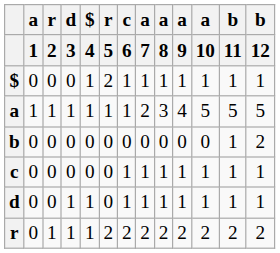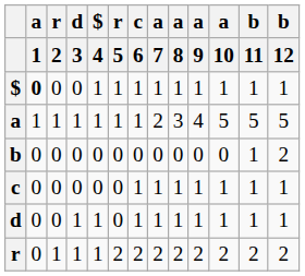 <table class="wikitable floatright" style="text-align:center">
 <tr>
 <th></th>
 <th>a</th>
 <th>r</th>
 <th>d</th>
 <th>$</th>
 <th>r</th>
 <th>c</th>
 <th>a</th>
 <th>a</th>
 <th>a</th>
 <th>a</th>
 <th>b</th>
 <th>b</th>
 </tr>
 <tr>
 <th></th>
 <th>1</th>
 <th>2</th>
 <th>3</th>
 <th>4</th>
 <th>5</th>
 <th>6</th>
 <th>7</th>
 <th>8</th>
 <th>9</th>
 <th>10</th>
 <th>11</th>
 <th>12</th>
 </tr>
 <tr>
 <th>$</th>
-<td>0</td>
+<td><strong>0</strong></td>
 <td>0</td>
 <td>0</td>
 <td>1</td>
-<td>2</td>
+<td>1</td>
 <td>1</td>
 <td>1</td>
 <td>1</td>
 <td>1</td>
 <td>1</td>
 <td>1</td>
 <td>1</td>
 </tr>
 <tr>
 <th>a</th>
 <td>1</td>
 <td>1</td>
 <td>1</td>
 <td>1</td>
 <td>1</td>
 <td>1</td>
 <td>2</td>
 <td>3</td>
 <td>4</td>
 <td>5</td>
 <td>5</td>
 <td>5</td>
 </tr>
 <tr>
 <th>b</th>
 <td>0</td>
 <td>0</td>
 <td>0</td>
 <td>0</td>
 <td>0</td>
 <td>0</td>
 <td>0</td>
 <td>0</td>
 <td>0</td>
 <td>0</td>
 <td>1</td>
 <td>2</td>
 </tr>
 <tr>
 <th>c</th>
 <td>0</td>
 <td>0</td>
 <td>0</td>
 <td>0</td>
 <td>0</td>
 <td>1</td>
 <td>1</td>
 <td>1</td>
 <td>1</td>
 <td>1</td>
 <td>1</td>
 <td>1</td>
 </tr>
 <tr>
 <th>d</th>
 <td>0</td>
 <td>0</td>
 <td>1</td>
 <td>1</td>
 <td>0</td>
 <td>1</td>
 <td>1</td>
 <td>1</td>
 <td>1</td>
 <td>1</td>
 <td>1</td>
 <td>1</td>
 </tr>
 <tr>
 <th>r</th>
 <td>0</td>
 <td>1</td>
 <td>1</td>
 <td>1</td>
 <td>2</td>
 <td>2</td>
 <td>2</td>
 <td>2</td>
 <td>2</td>
 <td>2</td>
 <td>2</td>
 <td>2</td>
 </tr>
 </table>
